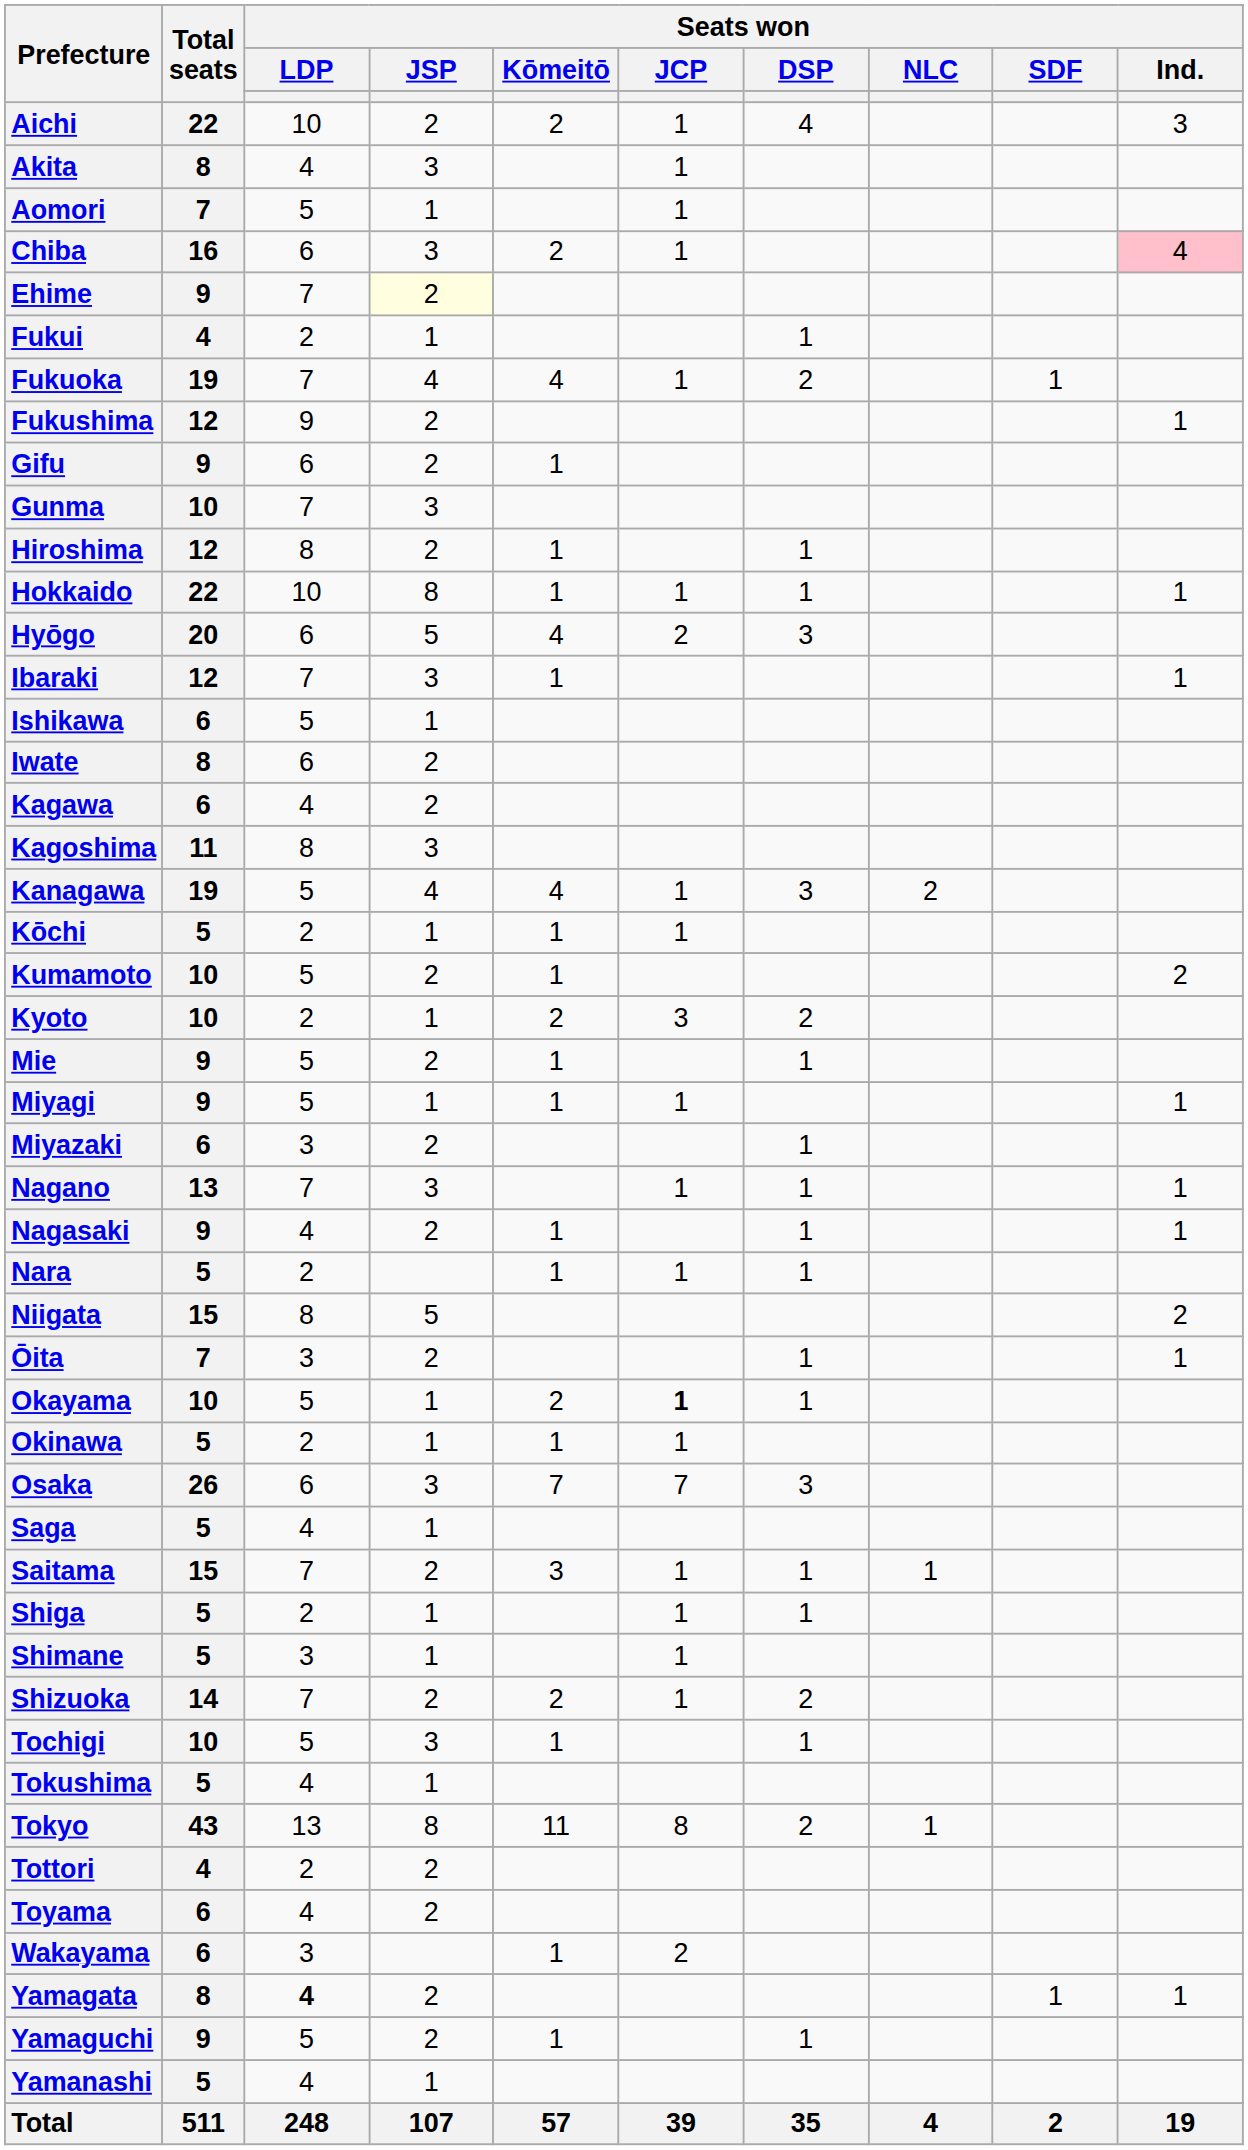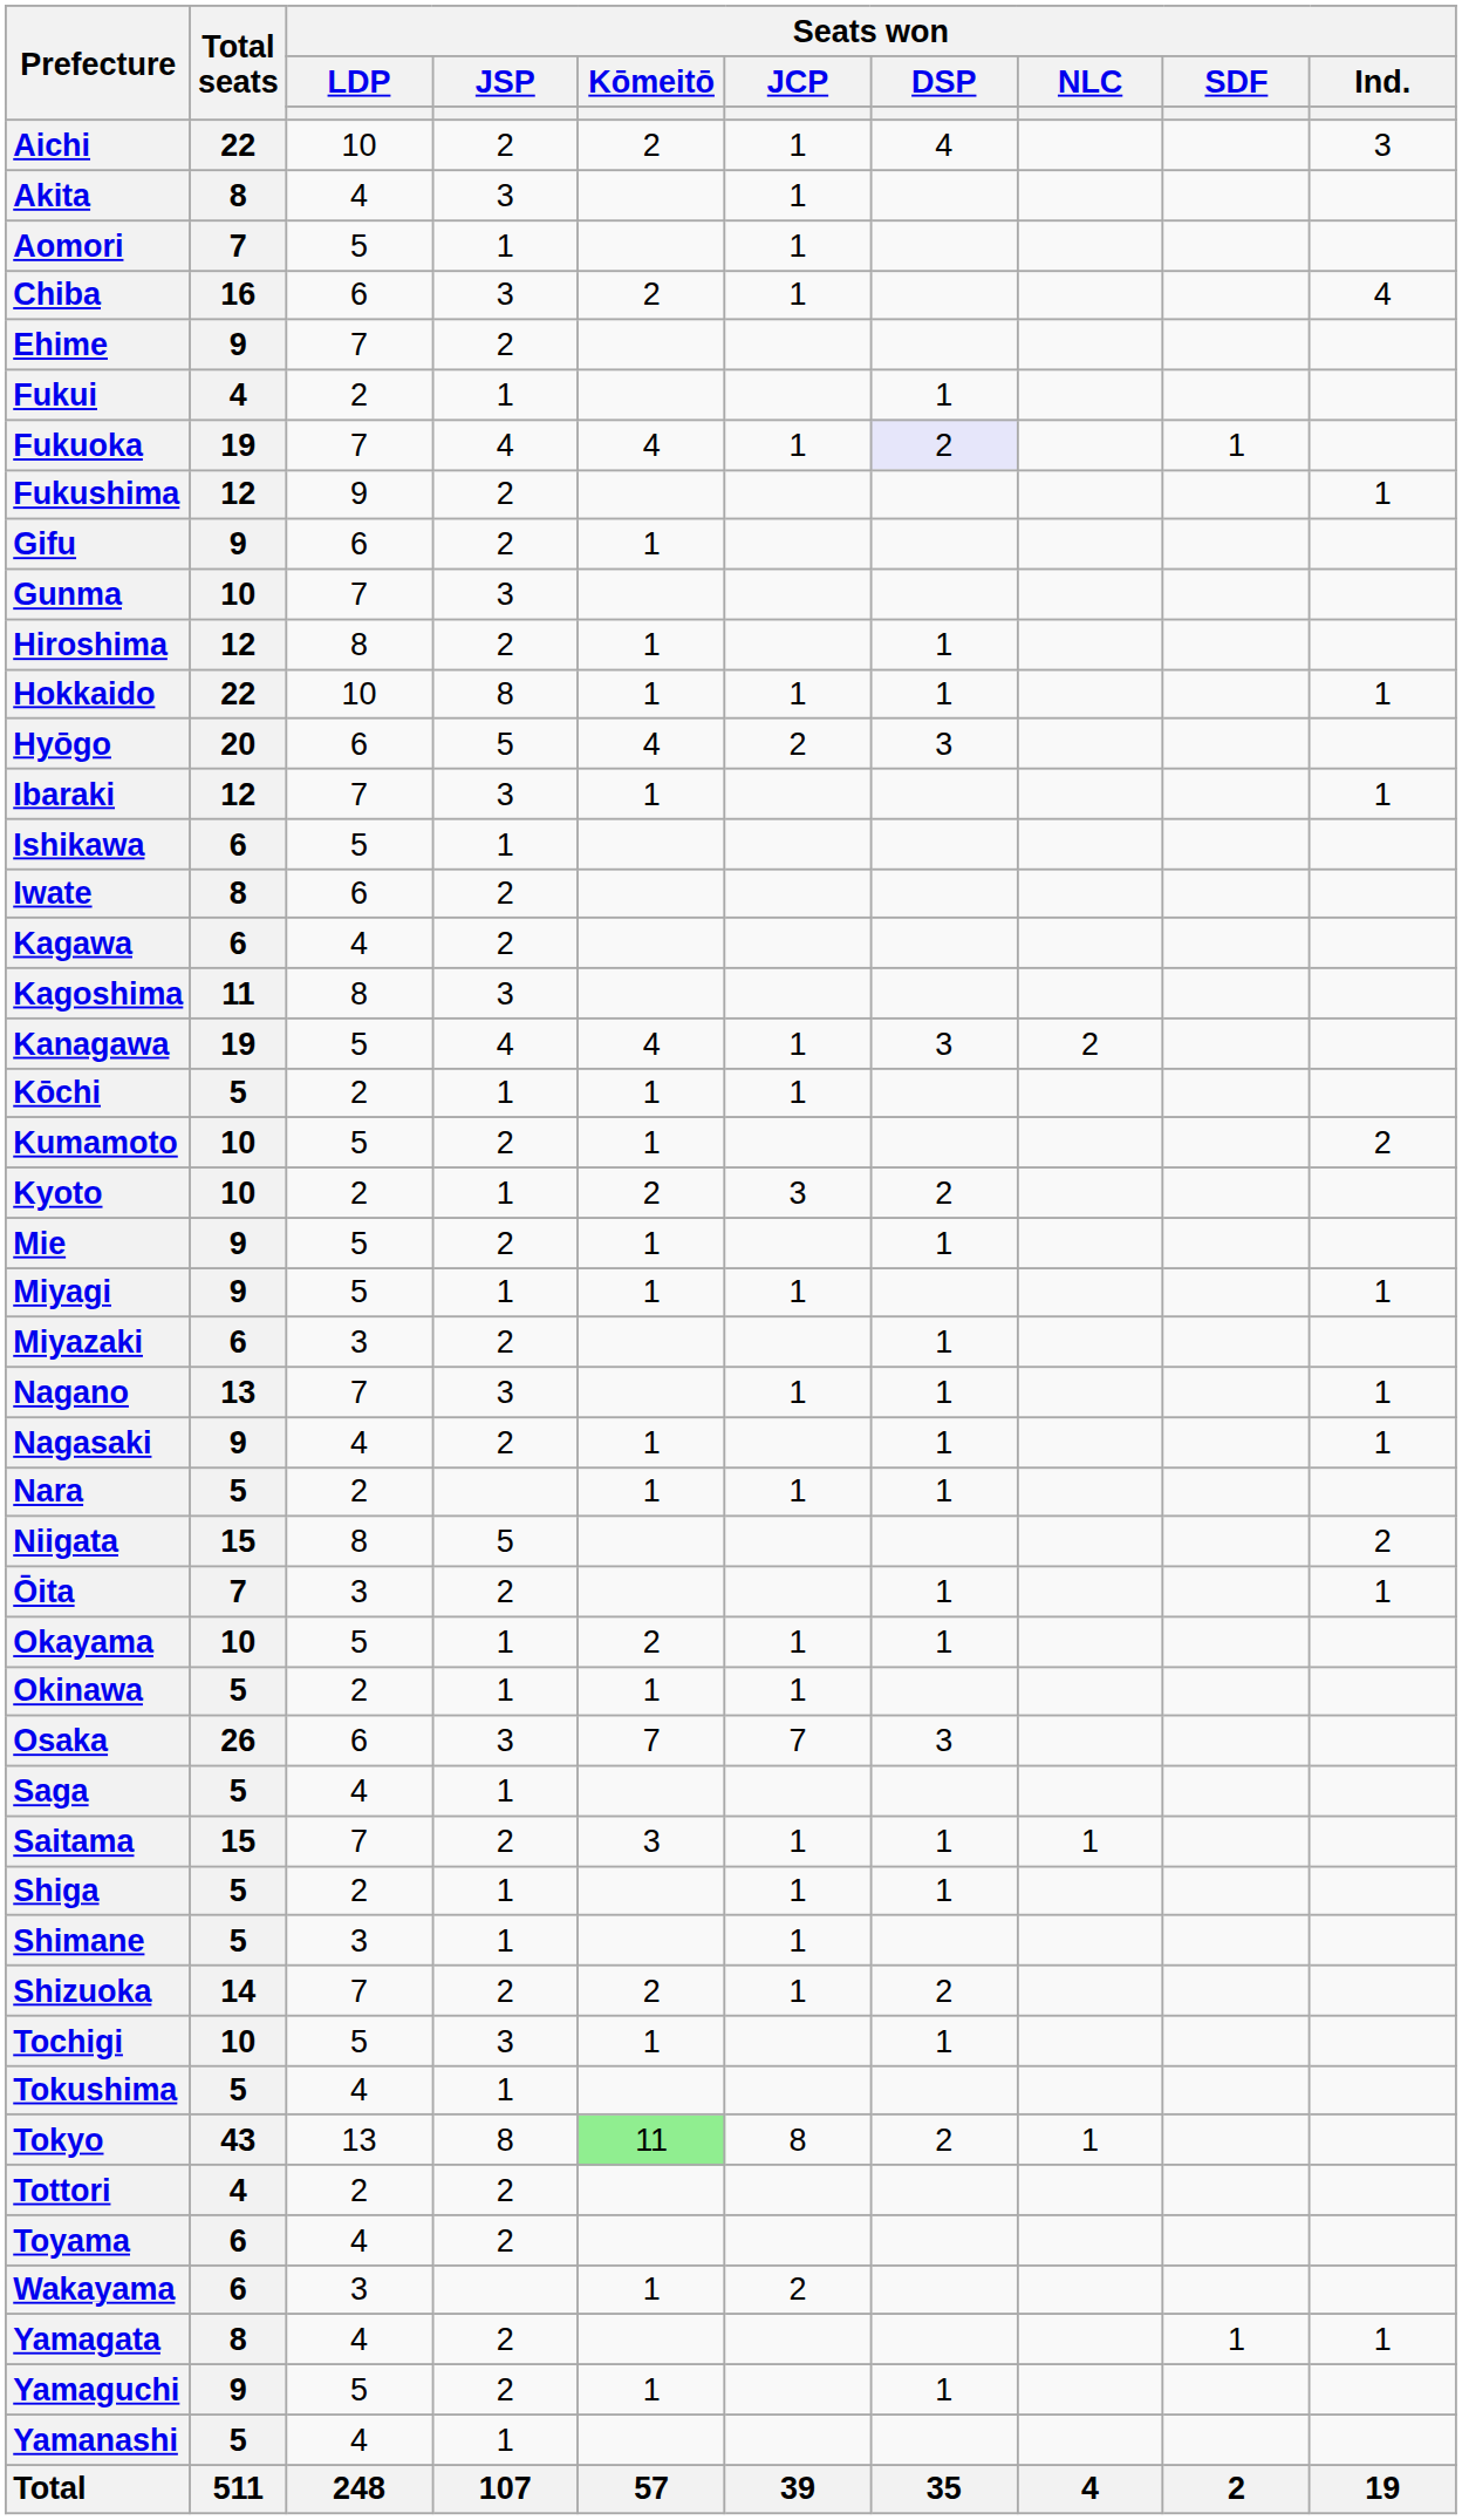 <table class="wikitable" style="text-align:center; font-size: 0.9em;">
 <tr>
 <th rowspan="3">Prefecture</th>
 <th rowspan="3">Total<br>seats</th>
 <th colspan="8">Seats won</th>
 </tr>
 <tr>
 <th class="unsortable" style="width:60px;"><a href='#'>LDP</a></th>
 <th class="unsortable" style="width:60px;"><a href='#'>JSP</a></th>
 <th class="unsortable" style="width:60px;"><a href='#'>Kōmeitō</a></th>
 <th class="unsortable" style="width:60px;"><a href='#'>JCP</a></th>
 <th class="unsortable" style="width:60px;"><a href='#'>DSP</a></th>
 <th class="unsortable" style="width:60px;"><a href='#'>NLC</a></th>
 <th class="unsortable" style="width:60px;"><a href='#'>SDF</a></th>
 <th class="unsortable" style="width:60px;">Ind.</th>
 </tr>
 <tr>
 <th style="background:"></th>
 <th style="background:"></th>
 <th style="background:"></th>
 <th style="background:"></th>
 <th style="background:"></th>
 <th style="background:"></th>
 <th style="background:"></th>
 <th style="background:"></th>
 </tr>
 <tr>
 <th style="text-align: left;"><a href='#'>Aichi</a></th>
 <th>22</th>
 <td>10</td>
 <td>2</td>
 <td>2</td>
 <td>1</td>
 <td>4</td>
 <td></td>
 <td></td>
 <td>3</td>
 </tr>
 <tr>
 <th style="text-align: left;"><a href='#'>Akita</a></th>
 <th>8</th>
 <td>4</td>
 <td>3</td>
 <td></td>
 <td>1</td>
 <td></td>
 <td></td>
 <td></td>
 <td></td>
 </tr>
 <tr>
 <th style="text-align: left;"><a href='#'>Aomori</a></th>
 <th>7</th>
 <td>5</td>
 <td>1</td>
 <td></td>
 <td>1</td>
 <td></td>
 <td></td>
 <td></td>
 <td></td>
 </tr>
 <tr>
 <th style="text-align: left;"><a href='#'>Chiba</a></th>
 <th>16</th>
 <td>6</td>
 <td>3</td>
 <td>2</td>
 <td>1</td>
 <td></td>
 <td></td>
 <td></td>
-<td style="background: pink;">4</td>
+<td>4</td>
 </tr>
 <tr>
 <th style="text-align: left;"><a href='#'>Ehime</a></th>
 <th>9</th>
 <td>7</td>
-<td style="background: lightyellow;">2</td>
+<td>2</td>
 <td></td>
 <td></td>
 <td></td>
 <td></td>
 <td></td>
 <td></td>
 </tr>
 <tr>
 <th style="text-align: left;"><a href='#'>Fukui</a></th>
 <th>4</th>
 <td>2</td>
 <td>1</td>
 <td></td>
 <td></td>
 <td>1</td>
 <td></td>
 <td></td>
 <td></td>
 </tr>
 <tr>
 <th style="text-align: left;"><a href='#'>Fukuoka</a></th>
 <th>19</th>
 <td>7</td>
 <td>4</td>
 <td>4</td>
 <td>1</td>
-<td>2</td>
+<td style="background: lavender;">2</td>
 <td></td>
 <td>1</td>
 <td></td>
 </tr>
 <tr>
 <th style="text-align: left;"><a href='#'>Fukushima</a></th>
 <th>12</th>
 <td>9</td>
 <td>2</td>
 <td></td>
 <td></td>
 <td></td>
 <td></td>
 <td></td>
 <td>1</td>
 </tr>
 <tr>
 <th style="text-align: left;"><a href='#'>Gifu</a></th>
 <th>9</th>
 <td>6</td>
 <td>2</td>
 <td>1</td>
 <td></td>
 <td></td>
 <td></td>
 <td></td>
 <td></td>
 </tr>
 <tr>
 <th style="text-align: left;"><a href='#'>Gunma</a></th>
 <th>10</th>
 <td>7</td>
 <td>3</td>
 <td></td>
 <td></td>
 <td></td>
 <td></td>
 <td></td>
 <td></td>
 </tr>
 <tr>
 <th style="text-align: left;"><a href='#'>Hiroshima</a></th>
 <th>12</th>
 <td>8</td>
 <td>2</td>
 <td>1</td>
 <td></td>
 <td>1</td>
 <td></td>
 <td></td>
 <td></td>
 </tr>
 <tr>
 <th style="text-align: left;"><a href='#'>Hokkaido</a></th>
 <th>22</th>
 <td>10</td>
 <td>8</td>
 <td>1</td>
 <td>1</td>
 <td>1</td>
 <td></td>
 <td></td>
 <td>1</td>
 </tr>
 <tr>
 <th style="text-align: left;"><a href='#'>Hyōgo</a></th>
 <th>20</th>
 <td>6</td>
 <td>5</td>
 <td>4</td>
 <td>2</td>
 <td>3</td>
 <td></td>
 <td></td>
 <td></td>
 </tr>
 <tr>
 <th style="text-align: left;"><a href='#'>Ibaraki</a></th>
 <th>12</th>
 <td>7</td>
 <td>3</td>
 <td>1</td>
 <td></td>
 <td></td>
 <td></td>
 <td></td>
 <td>1</td>
 </tr>
 <tr>
 <th style="text-align: left;"><a href='#'>Ishikawa</a></th>
 <th>6</th>
 <td>5</td>
 <td>1</td>
 <td></td>
 <td></td>
 <td></td>
 <td></td>
 <td></td>
 <td></td>
 </tr>
 <tr>
 <th style="text-align: left;"><a href='#'>Iwate</a></th>
 <th>8</th>
 <td>6</td>
 <td>2</td>
 <td></td>
 <td></td>
 <td></td>
 <td></td>
 <td></td>
 <td></td>
 </tr>
 <tr>
 <th style="text-align: left;"><a href='#'>Kagawa</a></th>
 <th>6</th>
 <td>4</td>
 <td>2</td>
 <td></td>
 <td></td>
 <td></td>
 <td></td>
 <td></td>
 <td></td>
 </tr>
 <tr>
 <th style="text-align: left;"><a href='#'>Kagoshima</a></th>
 <th>11</th>
 <td>8</td>
 <td>3</td>
 <td></td>
 <td></td>
 <td></td>
 <td></td>
 <td></td>
 <td></td>
 </tr>
 <tr>
 <th style="text-align: left;"><a href='#'>Kanagawa</a></th>
 <th>19</th>
 <td>5</td>
 <td>4</td>
 <td>4</td>
 <td>1</td>
 <td>3</td>
 <td>2</td>
 <td></td>
 <td></td>
 </tr>
 <tr>
 <th style="text-align: left;"><a href='#'>Kōchi</a></th>
 <th>5</th>
 <td>2</td>
 <td>1</td>
 <td>1</td>
 <td>1</td>
 <td></td>
 <td></td>
 <td></td>
 <td></td>
 </tr>
 <tr>
 <th style="text-align: left;"><a href='#'>Kumamoto</a></th>
 <th>10</th>
 <td>5</td>
 <td>2</td>
 <td>1</td>
 <td></td>
 <td></td>
 <td></td>
 <td></td>
 <td>2</td>
 </tr>
 <tr>
 <th style="text-align: left;"><a href='#'>Kyoto</a></th>
 <th>10</th>
 <td>2</td>
 <td>1</td>
 <td>2</td>
 <td>3</td>
 <td>2</td>
 <td></td>
 <td></td>
 <td></td>
 </tr>
 <tr>
 <th style="text-align: left;"><a href='#'>Mie</a></th>
 <th>9</th>
 <td>5</td>
 <td>2</td>
 <td>1</td>
 <td></td>
 <td>1</td>
 <td></td>
 <td></td>
 <td></td>
 </tr>
 <tr>
 <th style="text-align: left;"><a href='#'>Miyagi</a></th>
 <th>9</th>
 <td>5</td>
 <td>1</td>
 <td>1</td>
 <td>1</td>
 <td></td>
 <td></td>
 <td></td>
 <td>1</td>
 </tr>
 <tr>
 <th style="text-align: left;"><a href='#'>Miyazaki</a></th>
 <th>6</th>
 <td>3</td>
 <td>2</td>
 <td></td>
 <td></td>
 <td>1</td>
 <td></td>
 <td></td>
 <td></td>
 </tr>
 <tr>
 <th style="text-align: left;"><a href='#'>Nagano</a></th>
 <th>13</th>
 <td>7</td>
 <td>3</td>
 <td></td>
 <td>1</td>
 <td>1</td>
 <td></td>
 <td></td>
 <td>1</td>
 </tr>
 <tr>
 <th style="text-align: left;"><a href='#'>Nagasaki</a></th>
 <th>9</th>
 <td>4</td>
 <td>2</td>
 <td>1</td>
 <td></td>
 <td>1</td>
 <td></td>
 <td></td>
 <td>1</td>
 </tr>
 <tr>
 <th style="text-align: left;"><a href='#'>Nara</a></th>
 <th>5</th>
 <td>2</td>
 <td></td>
 <td>1</td>
 <td>1</td>
 <td>1</td>
 <td></td>
 <td></td>
 <td></td>
 </tr>
 <tr>
 <th style="text-align: left;"><a href='#'>Niigata</a></th>
 <th>15</th>
 <td>8</td>
 <td>5</td>
 <td></td>
 <td></td>
 <td></td>
 <td></td>
 <td></td>
 <td>2</td>
 </tr>
 <tr>
 <th style="text-align: left;"><a href='#'>Ōita</a></th>
 <th>7</th>
 <td>3</td>
 <td>2</td>
 <td></td>
 <td></td>
 <td>1</td>
 <td></td>
 <td></td>
 <td>1</td>
 </tr>
 <tr>
 <th style="text-align: left;"><a href='#'>Okayama</a></th>
 <th>10</th>
 <td>5</td>
 <td>1</td>
 <td>2</td>
-<td><strong>1</strong></td>
+<td>1</td>
 <td>1</td>
 <td></td>
 <td></td>
 <td></td>
 </tr>
 <tr>
 <th style="text-align: left;"><a href='#'>Okinawa</a></th>
 <th>5</th>
 <td>2</td>
 <td>1</td>
 <td>1</td>
 <td>1</td>
 <td></td>
 <td></td>
 <td></td>
 <td></td>
 </tr>
 <tr>
 <th style="text-align: left;"><a href='#'>Osaka</a></th>
 <th>26</th>
 <td>6</td>
 <td>3</td>
 <td>7</td>
 <td>7</td>
 <td>3</td>
 <td></td>
 <td></td>
 <td></td>
 </tr>
 <tr>
 <th style="text-align: left;"><a href='#'>Saga</a></th>
 <th>5</th>
 <td>4</td>
 <td>1</td>
 <td></td>
 <td></td>
 <td></td>
 <td></td>
 <td></td>
 <td></td>
 </tr>
 <tr>
 <th style="text-align: left;"><a href='#'>Saitama</a></th>
 <th>15</th>
 <td>7</td>
 <td>2</td>
 <td>3</td>
 <td>1</td>
 <td>1</td>
 <td>1</td>
 <td></td>
 <td></td>
 </tr>
 <tr>
 <th style="text-align: left;"><a href='#'>Shiga</a></th>
 <th>5</th>
 <td>2</td>
 <td>1</td>
 <td></td>
 <td>1</td>
 <td>1</td>
 <td></td>
 <td></td>
 <td></td>
 </tr>
 <tr>
 <th style="text-align: left;"><a href='#'>Shimane</a></th>
 <th>5</th>
 <td>3</td>
 <td>1</td>
 <td></td>
 <td>1</td>
 <td></td>
 <td></td>
 <td></td>
 <td></td>
 </tr>
 <tr>
 <th style="text-align: left;"><a href='#'>Shizuoka</a></th>
 <th>14</th>
 <td>7</td>
 <td>2</td>
 <td>2</td>
 <td>1</td>
 <td>2</td>
 <td></td>
 <td></td>
 <td></td>
 </tr>
 <tr>
 <th style="text-align: left;"><a href='#'>Tochigi</a></th>
 <th>10</th>
 <td>5</td>
 <td>3</td>
 <td>1</td>
 <td></td>
 <td>1</td>
 <td></td>
 <td></td>
 <td></td>
 </tr>
 <tr>
 <th style="text-align: left;"><a href='#'>Tokushima</a></th>
 <th>5</th>
 <td>4</td>
 <td>1</td>
 <td></td>
 <td></td>
 <td></td>
 <td></td>
 <td></td>
 <td></td>
 </tr>
 <tr>
 <th style="text-align: left;"><a href='#'>Tokyo</a></th>
 <th>43</th>
 <td>13</td>
 <td>8</td>
-<td>11</td>
+<td style="background: lightgreen;">11</td>
 <td>8</td>
 <td>2</td>
 <td>1</td>
 <td></td>
 <td></td>
 </tr>
 <tr>
 <th style="text-align: left;"><a href='#'>Tottori</a></th>
 <th>4</th>
 <td>2</td>
 <td>2</td>
 <td></td>
 <td></td>
 <td></td>
 <td></td>
 <td></td>
 <td></td>
 </tr>
 <tr>
 <th style="text-align: left;"><a href='#'>Toyama</a></th>
 <th>6</th>
 <td>4</td>
 <td>2</td>
 <td></td>
 <td></td>
 <td></td>
 <td></td>
 <td></td>
 <td></td>
 </tr>
 <tr>
 <th style="text-align: left;"><a href='#'>Wakayama</a></th>
 <th>6</th>
 <td>3</td>
 <td></td>
 <td>1</td>
 <td>2</td>
 <td></td>
 <td></td>
 <td></td>
 <td></td>
 </tr>
 <tr>
 <th style="text-align: left;"><a href='#'>Yamagata</a></th>
 <th>8</th>
-<td><strong>4</strong></td>
+<td>4</td>
 <td>2</td>
 <td></td>
 <td></td>
 <td></td>
 <td></td>
 <td>1</td>
 <td>1</td>
 </tr>
 <tr>
 <th style="text-align: left;"><a href='#'>Yamaguchi</a></th>
 <th>9</th>
 <td>5</td>
 <td>2</td>
 <td>1</td>
 <td></td>
 <td>1</td>
 <td></td>
 <td></td>
 <td></td>
 </tr>
 <tr>
 <th style="text-align: left;"><a href='#'>Yamanashi</a></th>
 <th>5</th>
 <td>4</td>
 <td>1</td>
 <td></td>
 <td></td>
 <td></td>
 <td></td>
 <td></td>
 <td></td>
 </tr>
 <tr class="sortbottom">
 <th style="text-align: left;">Total</th>
 <th>511</th>
 <th>248</th>
 <th>107</th>
 <th>57</th>
 <th>39</th>
 <th>35</th>
 <th>4</th>
 <th>2</th>
 <th>19</th>
 </tr>
 </table>
